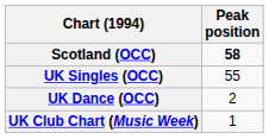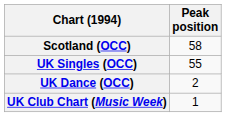 <table class="wikitable plainrowheaders" style="text-align:center">
 <tr>
 <th scope="col">Chart (1994)</th>
 <th scope="col">Peak<br>position</th>
 </tr>
 <tr>
 <th scope="row">Scotland (<a href='#'>OCC</a>)</th>
-<td><strong>58</strong></td>
+<td>58</td>
 </tr>
 <tr>
 <th scope="row"><a href='#'>UK Singles</a> (<a href='#'>OCC</a>)</th>
 <td>55</td>
 </tr>
 <tr>
 <th scope="row"><a href='#'>UK Dance</a> (<a href='#'>OCC</a>)</th>
 <td>2</td>
 </tr>
 <tr>
 <th scope="row"><a href='#'>UK Club Chart</a> (<em><a href='#'>Music Week</a></em>)</th>
 <td>1</td>
 </tr>
 </table>
